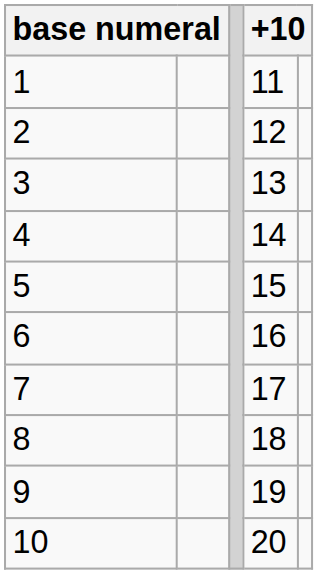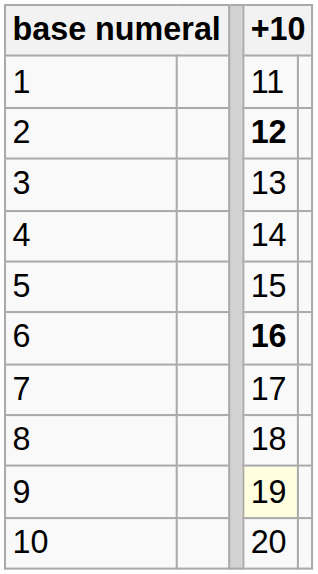 <table class="wikitable">
 <tr>
 <th colspan="2">base numeral</th>
 <td rowspan="11" style="background-color: lightgrey;"></td>
 <th colspan="2">+10</th>
 </tr>
 <tr>
 <td>1</td>
 <td></td>
 <td>11</td>
 <td></td>
 </tr>
 <tr>
 <td>2</td>
 <td></td>
-<td>12</td>
+<td><strong>12</strong></td>
 <td></td>
 </tr>
 <tr>
 <td>3</td>
 <td></td>
 <td>13</td>
 <td></td>
 </tr>
 <tr>
 <td>4</td>
 <td></td>
 <td>14</td>
 <td></td>
 </tr>
 <tr>
 <td>5</td>
 <td></td>
 <td>15</td>
 <td></td>
 </tr>
 <tr>
 <td>6</td>
 <td></td>
-<td>16</td>
+<td><strong>16</strong></td>
 <td></td>
 </tr>
 <tr>
 <td>7</td>
 <td></td>
 <td>17</td>
 <td></td>
 </tr>
 <tr>
 <td>8</td>
 <td></td>
 <td>18</td>
 <td></td>
 </tr>
 <tr>
 <td>9</td>
 <td></td>
-<td>19</td>
+<td style="background: lightyellow;">19</td>
 <td></td>
 </tr>
 <tr>
 <td>10</td>
 <td></td>
 <td>20</td>
 <td></td>
 </tr>
 </table>
